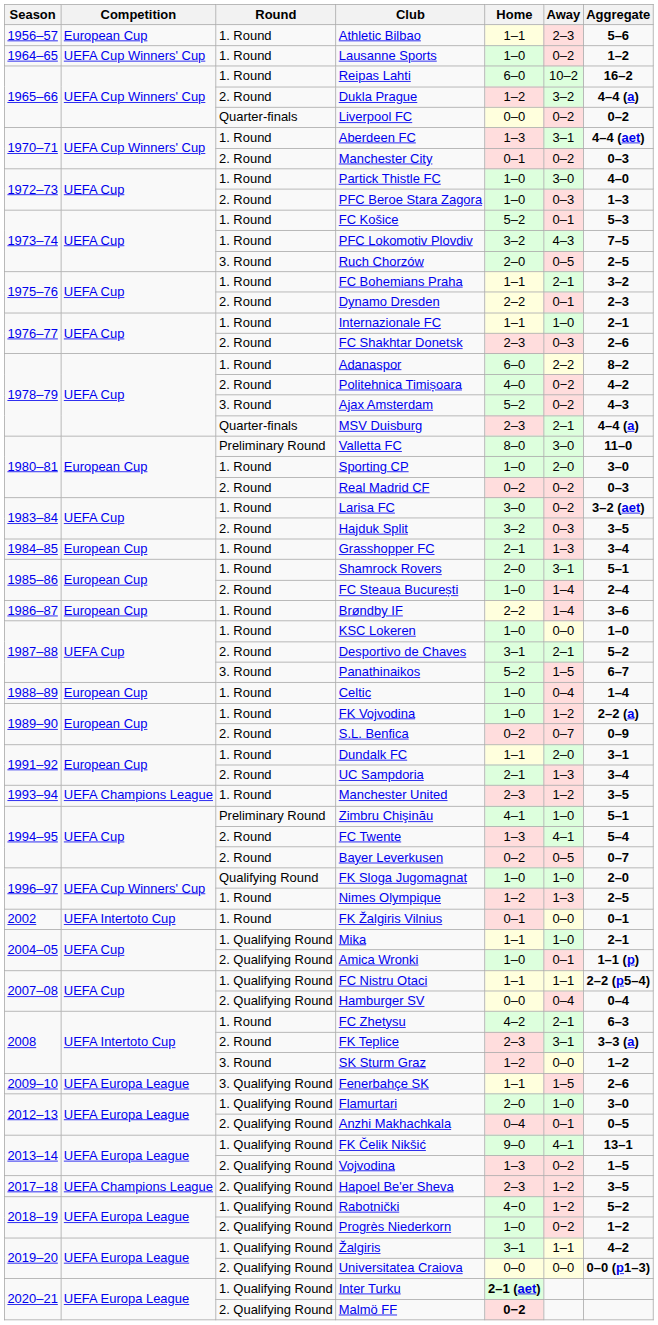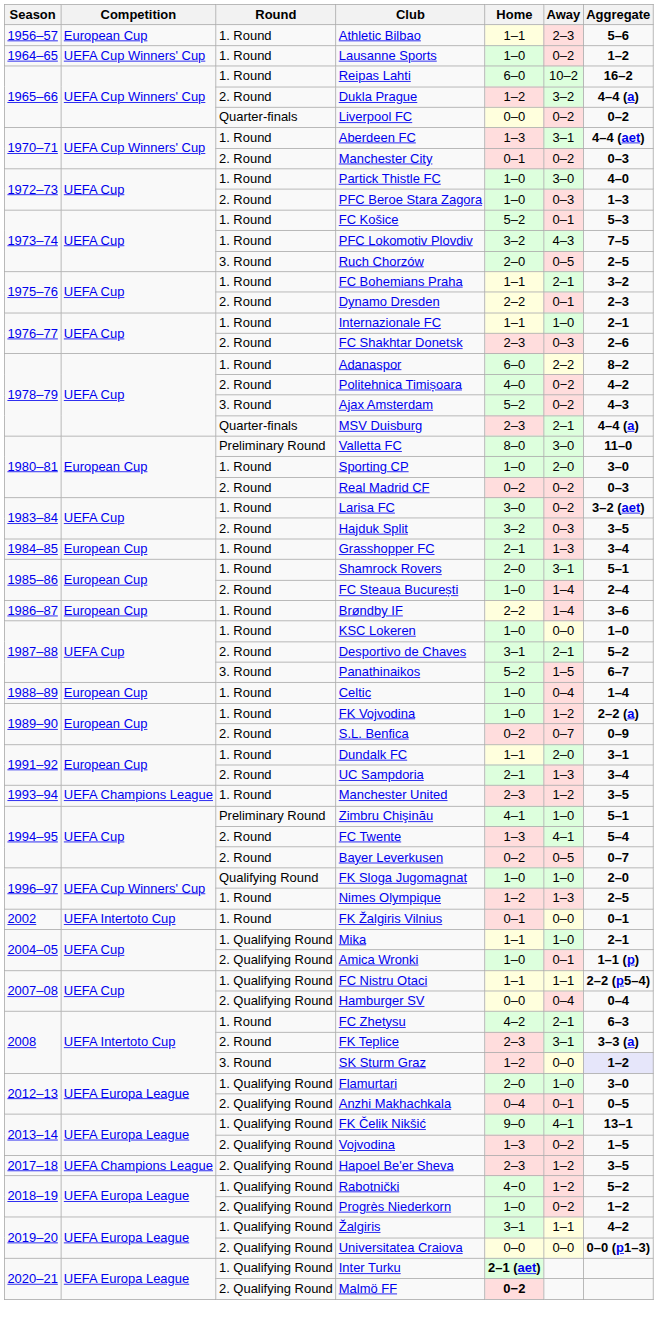 <table class="wikitable">
 <tr>
 <th>Season</th>
 <th>Competition</th>
 <th>Round</th>
 <th>Club</th>
 <th>Home</th>
 <th>Away</th>
 <th>Aggregate</th>
 </tr>
 <tr>
 <td><a href='#'>1956–57</a></td>
 <td><a href='#'>European Cup</a></td>
 <td>1. Round</td>
 <td> <a href='#'>Athletic Bilbao</a></td>
 <td style="text-align:center; background:#ffd;">1–1</td>
 <td style="text-align:center; background:#fdd;">2–3</td>
 <td style="text-align:center;"><strong>5–6</strong></td>
 </tr>
 <tr>
 <td><a href='#'>1964–65</a></td>
 <td><a href='#'>UEFA Cup Winners' Cup</a></td>
 <td>1. Round</td>
 <td> <a href='#'>Lausanne Sports</a></td>
 <td style="text-align:center; background:#dfd;">1–0</td>
 <td style="text-align:center; background:#fdd;">0–2</td>
 <td style="text-align:center;"><strong>1–2</strong></td>
 </tr>
 <tr>
 <td rowspan="3"><a href='#'>1965–66</a></td>
 <td rowspan="3"><a href='#'>UEFA Cup Winners' Cup</a></td>
 <td>1. Round</td>
 <td> <a href='#'>Reipas Lahti</a></td>
 <td style="text-align:center; background:#dfd;">6–0</td>
 <td style="text-align:center; background:#dfd;">10–2</td>
 <td style="text-align:center;"><strong>16–2</strong></td>
 </tr>
 <tr>
 <td>2. Round</td>
 <td> <a href='#'>Dukla Prague</a></td>
 <td style="text-align:center; background:#fdd;">1–2</td>
 <td style="text-align:center; background:#dfd;">3–2</td>
 <td style="text-align:center;"><strong>4–4 (<a href='#'>a</a>)</strong></td>
 </tr>
 <tr>
 <td>Quarter-finals</td>
 <td> <a href='#'>Liverpool FC</a></td>
 <td style="text-align:center; background:#ffd;">0–0</td>
 <td style="text-align:center; background:#fdd;">0–2</td>
 <td style="text-align:center;"><strong>0–2</strong></td>
 </tr>
 <tr>
 <td rowspan="2"><a href='#'>1970–71</a></td>
 <td rowspan="2"><a href='#'>UEFA Cup Winners' Cup</a></td>
 <td>1. Round</td>
 <td> <a href='#'>Aberdeen FC</a></td>
 <td style="text-align:center; background:#fdd;">1–3</td>
 <td style="text-align:center; background:#dfd;">3–1</td>
 <td style="text-align:center;"><strong>4–4 (<a href='#'>aet</a>)</strong></td>
 </tr>
 <tr>
 <td>2. Round</td>
 <td> <a href='#'>Manchester City</a></td>
 <td style="text-align:center; background:#fdd;">0–1</td>
 <td style="text-align:center; background:#fdd;">0–2</td>
 <td style="text-align:center;"><strong>0–3</strong></td>
 </tr>
 <tr>
 <td rowspan="2"><a href='#'>1972–73</a></td>
 <td rowspan="2"><a href='#'>UEFA Cup</a></td>
 <td>1. Round</td>
 <td> <a href='#'>Partick Thistle FC</a></td>
 <td style="text-align:center; background:#dfd;">1–0</td>
 <td style="text-align:center; background:#dfd;">3–0</td>
 <td style="text-align:center;"><strong>4–0</strong></td>
 </tr>
 <tr>
 <td>2. Round</td>
 <td> <a href='#'>PFC Beroe Stara Zagora</a></td>
 <td style="text-align:center; background:#dfd;">1–0</td>
 <td style="text-align:center; background:#fdd;">0–3</td>
 <td style="text-align:center;"><strong>1–3</strong></td>
 </tr>
 <tr>
 <td rowspan="3"><a href='#'>1973–74</a></td>
 <td rowspan="3"><a href='#'>UEFA Cup</a></td>
 <td>1. Round</td>
 <td> <a href='#'>FC Košice</a></td>
 <td style="text-align:center; background:#dfd;">5–2</td>
 <td style="text-align:center; background:#fdd;">0–1</td>
 <td style="text-align:center;"><strong>5–3</strong></td>
 </tr>
 <tr>
 <td>1. Round</td>
 <td> <a href='#'>PFC Lokomotiv Plovdiv</a></td>
 <td style="text-align:center; background:#dfd;">3–2</td>
 <td style="text-align:center; background:#dfd;">4–3</td>
 <td style="text-align:center;"><strong>7–5</strong></td>
 </tr>
 <tr>
 <td>3. Round</td>
 <td> <a href='#'>Ruch Chorzów</a></td>
 <td style="text-align:center; background:#dfd;">2–0</td>
 <td style="text-align:center; background:#fdd;">0–5</td>
 <td style="text-align:center;"><strong>2–5</strong></td>
 </tr>
 <tr>
 <td rowspan="2"><a href='#'>1975–76</a></td>
 <td rowspan="2"><a href='#'>UEFA Cup</a></td>
 <td>1. Round</td>
 <td> <a href='#'>FC Bohemians Praha</a></td>
 <td style="text-align:center; background:#ffd;">1–1</td>
 <td style="text-align:center; background:#dfd;">2–1</td>
 <td style="text-align:center;"><strong>3–2</strong></td>
 </tr>
 <tr>
 <td>2. Round</td>
 <td> <a href='#'>Dynamo Dresden</a></td>
 <td style="text-align:center; background:#ffd;">2–2</td>
 <td style="text-align:center; background:#fdd;">0–1</td>
 <td style="text-align:center;"><strong>2–3</strong></td>
 </tr>
 <tr>
 <td rowspan="2"><a href='#'>1976–77</a></td>
 <td rowspan="2"><a href='#'>UEFA Cup</a></td>
 <td>1. Round</td>
 <td> <a href='#'>Internazionale FC</a></td>
 <td style="text-align:center; background:#ffd;">1–1</td>
 <td style="text-align:center; background:#dfd;">1–0</td>
 <td style="text-align:center;"><strong>2–1</strong></td>
 </tr>
 <tr>
 <td>2. Round</td>
 <td> <a href='#'>FC Shakhtar Donetsk</a></td>
 <td style="text-align:center; background:#fdd;">2–3</td>
 <td style="text-align:center; background:#fdd;">0–3</td>
 <td style="text-align:center;"><strong>2–6</strong></td>
 </tr>
 <tr>
 <td rowspan="4"><a href='#'>1978–79</a></td>
 <td rowspan="4"><a href='#'>UEFA Cup</a></td>
 <td>1. Round</td>
 <td> <a href='#'>Adanaspor</a></td>
 <td style="text-align:center; background:#dfd;">6–0</td>
 <td style="text-align:center; background:#ffd;">2–2</td>
 <td style="text-align:center;"><strong>8–2</strong></td>
 </tr>
 <tr>
 <td>2. Round</td>
 <td> <a href='#'>Politehnica Timișoara</a></td>
 <td style="text-align:center; background:#dfd;">4–0</td>
 <td style="text-align:center; background:#fdd;">0−2</td>
 <td style="text-align:center;"><strong>4–2</strong></td>
 </tr>
 <tr>
 <td>3. Round</td>
 <td> <a href='#'>Ajax Amsterdam</a></td>
 <td style="text-align:center; background:#dfd;">5–2</td>
 <td style="text-align:center; background:#fdd;">0–2</td>
 <td style="text-align:center;"><strong>4–3</strong></td>
 </tr>
 <tr>
 <td>Quarter-finals</td>
 <td> <a href='#'>MSV Duisburg</a></td>
 <td style="text-align:center; background:#fdd;">2–3</td>
 <td style="text-align:center; background:#dfd;">2–1</td>
 <td style="text-align:center;"><strong>4–4 (<a href='#'>a</a>)</strong></td>
 </tr>
 <tr>
 <td rowspan="3"><a href='#'>1980–81</a></td>
 <td rowspan="3"><a href='#'>European Cup</a></td>
 <td>Preliminary Round</td>
 <td> <a href='#'>Valletta FC</a></td>
 <td style="text-align:center; background:#dfd;">8–0</td>
 <td style="text-align:center; background:#dfd;">3–0</td>
 <td style="text-align:center;"><strong>11–0</strong></td>
 </tr>
 <tr>
 <td>1. Round</td>
 <td> <a href='#'>Sporting CP</a></td>
 <td style="text-align:center; background:#dfd;">1–0</td>
 <td style="text-align:center; background:#dfd;">2–0</td>
 <td style="text-align:center;"><strong>3–0</strong></td>
 </tr>
 <tr>
 <td>2. Round</td>
 <td> <a href='#'>Real Madrid CF</a></td>
 <td style="text-align:center; background:#fdd;">0–2</td>
 <td style="text-align:center; background:#fdd;">0–2</td>
 <td style="text-align:center;"><strong>0–3</strong></td>
 </tr>
 <tr>
 <td rowspan="2"><a href='#'>1983–84</a></td>
 <td rowspan="2"><a href='#'>UEFA Cup</a></td>
 <td>1. Round</td>
 <td> <a href='#'>Larisa FC</a></td>
 <td style="text-align:center; background:#dfd;">3–0</td>
 <td style="text-align:center; background:#fdd;">0–2</td>
 <td style="text-align:center;"><strong>3–2 (<a href='#'>aet</a>)</strong></td>
 </tr>
 <tr>
 <td>2. Round</td>
 <td> <a href='#'>Hajduk Split</a></td>
 <td style="text-align:center; background:#dfd;">3–2</td>
 <td style="text-align:center; background:#fdd;">0–3</td>
 <td style="text-align:center;"><strong>3–5</strong></td>
 </tr>
 <tr>
 <td><a href='#'>1984–85</a></td>
 <td><a href='#'>European Cup</a></td>
 <td>1. Round</td>
 <td> <a href='#'>Grasshopper FC</a></td>
 <td style="text-align:center; background:#dfd;">2–1</td>
 <td style="text-align:center; background:#fdd;">1–3</td>
 <td style="text-align:center;"><strong>3–4</strong></td>
 </tr>
 <tr>
 <td rowspan="2"><a href='#'>1985–86</a></td>
 <td rowspan="2"><a href='#'>European Cup</a></td>
 <td>1. Round</td>
 <td> <a href='#'>Shamrock Rovers</a></td>
 <td style="text-align:center; background:#dfd;">2–0</td>
 <td style="text-align:center; background:#dfd;">3–1</td>
 <td style="text-align:center;"><strong>5–1</strong></td>
 </tr>
 <tr>
 <td>2. Round</td>
 <td> <a href='#'>FC Steaua București</a></td>
 <td style="text-align:center; background:#dfd;">1–0</td>
 <td style="text-align:center; background:#fdd;">1–4</td>
 <td style="text-align:center;"><strong>2–4</strong></td>
 </tr>
 <tr>
 <td><a href='#'>1986–87</a></td>
 <td><a href='#'>European Cup</a></td>
 <td>1. Round</td>
 <td> <a href='#'>Brøndby IF</a></td>
 <td style="text-align:center; background:#ffd;">2–2</td>
 <td style="text-align:center; background:#fdd;">1–4</td>
 <td style="text-align:center;"><strong> 3–6</strong></td>
 </tr>
 <tr>
 <td rowspan="3"><a href='#'>1987–88</a></td>
 <td rowspan="3"><a href='#'>UEFA Cup</a></td>
 <td>1. Round</td>
 <td> <a href='#'>KSC Lokeren</a></td>
 <td style="text-align:center; background:#dfd;">1–0</td>
 <td style="text-align:center; background:#ffd;">0–0</td>
 <td style="text-align:center;"><strong>1–0</strong></td>
 </tr>
 <tr>
 <td>2. Round</td>
 <td> <a href='#'>Desportivo de Chaves</a></td>
 <td style="text-align:center; background:#dfd;">3–1</td>
 <td style="text-align:center; background:#dfd;">2–1</td>
 <td style="text-align:center;"><strong>5–2</strong></td>
 </tr>
 <tr>
 <td>3. Round</td>
 <td> <a href='#'>Panathinaikos</a></td>
 <td style="text-align:center; background:#dfd;">5–2</td>
 <td style="text-align:center; background:#fdd;">1–5</td>
 <td style="text-align:center;"><strong>6–7</strong></td>
 </tr>
 <tr>
 <td><a href='#'>1988–89</a></td>
 <td><a href='#'>European Cup</a></td>
 <td>1. Round</td>
 <td> <a href='#'>Celtic</a></td>
 <td style="text-align:center; background:#dfd;">1–0</td>
 <td style="text-align:center; background:#fdd;">0–4</td>
 <td style="text-align:center;"><strong>1–4</strong></td>
 </tr>
 <tr>
 <td rowspan="2"><a href='#'>1989–90</a></td>
 <td rowspan="2"><a href='#'>European Cup</a></td>
 <td>1. Round</td>
 <td> <a href='#'>FK Vojvodina</a></td>
 <td style="text-align:center; background:#dfd;">1–0</td>
 <td style="text-align:center; background:#fdd;">1–2</td>
 <td style="text-align:center;"><strong>2–2 (<a href='#'>a</a>)</strong></td>
 </tr>
 <tr>
 <td>2. Round</td>
 <td> <a href='#'>S.L. Benfica</a></td>
 <td style="text-align:center; background:#fdd;">0–2</td>
 <td style="text-align:center; background:#fdd;">0–7</td>
 <td style="text-align:center;"><strong>0–9</strong></td>
 </tr>
 <tr>
 <td rowspan="2"><a href='#'>1991–92</a></td>
 <td rowspan="2"><a href='#'>European Cup</a></td>
 <td>1. Round</td>
 <td> <a href='#'>Dundalk FC</a></td>
 <td style="text-align:center; background:#ffd;">1–1</td>
 <td style="text-align:center; background:#dfd;">2–0</td>
 <td style="text-align:center;"><strong>3–1</strong></td>
 </tr>
 <tr>
 <td>2. Round</td>
 <td> <a href='#'>UC Sampdoria</a></td>
 <td style="text-align:center; background:#dfd;">2–1</td>
 <td style="text-align:center; background:#fdd;">1–3</td>
 <td style="text-align:center;"><strong>3–4</strong></td>
 </tr>
 <tr>
 <td><a href='#'>1993–94</a></td>
 <td><a href='#'>UEFA Champions League</a></td>
 <td>1. Round</td>
 <td> <a href='#'>Manchester United</a></td>
 <td style="text-align:center; background:#fdd;">2–3</td>
 <td style="text-align:center; background:#fdd;">1–2</td>
 <td style="text-align:center;"><strong>3–5</strong></td>
 </tr>
 <tr>
 <td rowspan="3"><a href='#'>1994–95</a></td>
 <td rowspan="3"><a href='#'>UEFA Cup</a></td>
 <td>Preliminary Round</td>
 <td> <a href='#'>Zimbru Chişinău</a></td>
 <td style="text-align:center; background:#dfd;">4–1</td>
 <td style="text-align:center; background:#dfd;">1–0</td>
 <td style="text-align:center;"><strong>5–1</strong></td>
 </tr>
 <tr>
 <td>2. Round</td>
 <td> <a href='#'>FC Twente</a></td>
 <td style="text-align:center; background:#fdd;">1–3</td>
 <td style="text-align:center; background:#dfd;">4–1</td>
 <td style="text-align:center;"><strong>5–4</strong></td>
 </tr>
 <tr>
 <td>2. Round</td>
 <td> <a href='#'>Bayer Leverkusen</a></td>
 <td style="text-align:center; background:#fdd;">0–2</td>
 <td style="text-align:center; background:#fdd;">0–5</td>
 <td style="text-align:center;"><strong>0–7</strong></td>
 </tr>
 <tr>
 <td rowspan="2"><a href='#'>1996–97</a></td>
 <td rowspan="2"><a href='#'>UEFA Cup Winners' Cup</a></td>
 <td>Qualifying Round</td>
 <td> <a href='#'>FK Sloga Jugomagnat</a></td>
 <td style="text-align:center; background:#dfd;">1–0</td>
 <td style="text-align:center; background:#dfd;">1–0</td>
 <td style="text-align:center;"><strong>2–0</strong></td>
 </tr>
 <tr>
 <td>1. Round</td>
 <td> <a href='#'>Nimes Olympique</a></td>
 <td style="text-align:center; background:#fdd;">1–2</td>
 <td style="text-align:center; background:#fdd;">1–3</td>
 <td style="text-align:center;"><strong>2–5</strong></td>
 </tr>
 <tr>
 <td><a href='#'>2002</a></td>
 <td><a href='#'>UEFA Intertoto Cup</a></td>
 <td>1. Round</td>
 <td> <a href='#'>FK Žalgiris Vilnius</a></td>
 <td style="text-align:center; background:#fdd;">0–1</td>
 <td style="text-align:center; background:#ffd;">0–0</td>
 <td style="text-align:center;"><strong>0–1</strong></td>
 </tr>
 <tr>
 <td rowspan="2"><a href='#'>2004–05</a></td>
 <td rowspan="2"><a href='#'>UEFA Cup</a></td>
 <td>1. Qualifying Round</td>
 <td> <a href='#'>Mika</a></td>
 <td style="text-align:center; background:#ffd;">1–1</td>
 <td style="text-align:center; background:#dfd;">1–0</td>
 <td style="text-align:center;"><strong>2–1</strong></td>
 </tr>
 <tr>
 <td>2. Qualifying Round</td>
 <td> <a href='#'>Amica Wronki</a></td>
 <td style="text-align:center; background:#dfd;">1–0</td>
 <td style="text-align:center; background:#fdd;">0–1</td>
 <td style="text-align:center;"><strong>1–1 (<a href='#'>p</a>)</strong></td>
 </tr>
 <tr>
 <td rowspan="2"><a href='#'>2007–08</a></td>
 <td rowspan="2"><a href='#'>UEFA Cup</a></td>
 <td>1. Qualifying Round</td>
 <td> <a href='#'>FC Nistru Otaci</a></td>
 <td style="text-align:center; background:#ffd;">1–1</td>
 <td style="text-align:center; background:#ffd;">1–1</td>
 <td style="text-align:center;"><strong>2–2 (<a href='#'>p</a>5–4)</strong></td>
 </tr>
 <tr>
 <td>2. Qualifying Round</td>
 <td> <a href='#'>Hamburger SV</a></td>
 <td style="text-align:center; background:#ffd;">0–0</td>
 <td style="text-align:center; background:#fdd;">0–4</td>
 <td style="text-align:center;"><strong>0–4</strong></td>
 </tr>
 <tr>
 <td rowspan="3"><a href='#'>2008</a></td>
 <td rowspan="3"><a href='#'>UEFA Intertoto Cup</a></td>
 <td>1. Round</td>
 <td> <a href='#'>FC Zhetysu</a></td>
 <td style="text-align:center; background:#dfd;">4–2</td>
 <td style="text-align:center; background:#dfd;">2–1</td>
 <td style="text-align:center;"><strong>6–3</strong></td>
 </tr>
 <tr>
 <td>2. Round</td>
 <td> <a href='#'>FK Teplice</a></td>
 <td style="text-align:center; background:#fdd;">2–3</td>
 <td style="text-align:center; background:#dfd;">3–1</td>
 <td style="text-align:center;"><strong>3–3 (<a href='#'>a</a>)</strong></td>
 </tr>
 <tr>
 <td>3. Round</td>
 <td> <a href='#'>SK Sturm Graz</a></td>
 <td style="text-align:center; background:#fdd;">1–2</td>
 <td style="text-align:center; background:#ffd;">0–0</td>
-<td style="text-align:center;"><strong>1–2</strong></td>
-</tr>
-<tr>
-<td><a href='#'>2009–10</a></td>
-<td><a href='#'>UEFA Europa League</a></td>
-<td>3. Qualifying Round</td>
-<td> <a href='#'>Fenerbahçe SK</a></td>
-<td style="text-align:center; background:#ffd;">1–1</td>
-<td style="text-align:center; background:#fdd;">1–5</td>
-<td style="text-align:center;"><strong>2–6</strong></td>
+<td style="background: lavender; text-align:center;"><strong>1–2</strong></td>
 </tr>
 <tr>
 <td rowspan="2"><a href='#'>2012–13</a></td>
 <td rowspan="2"><a href='#'>UEFA Europa League</a></td>
 <td>1. Qualifying Round</td>
 <td> <a href='#'>Flamurtari</a></td>
 <td style="text-align:center; background:#dfd;">2–0</td>
 <td style="text-align:center; background:#dfd;">1–0</td>
 <td style="text-align:center;"><strong>3–0</strong></td>
 </tr>
 <tr>
 <td>2. Qualifying Round</td>
 <td> <a href='#'>Anzhi Makhachkala</a></td>
 <td style="text-align:center; background:#fdd;">0–4</td>
 <td style="text-align:center; background:#fdd;">0–1</td>
 <td style="text-align:center;"><strong>0–5</strong></td>
 </tr>
 <tr>
 <td rowspan="2"><a href='#'>2013–14</a></td>
 <td rowspan="2"><a href='#'>UEFA Europa League</a></td>
 <td>1. Qualifying Round</td>
 <td> <a href='#'>FK Čelik Nikšić</a></td>
 <td style="text-align:center; background:#dfd;">9–0</td>
 <td style="text-align:center; background:#dfd;">4–1</td>
 <td style="text-align:center;"><strong>13–1</strong></td>
 </tr>
 <tr>
 <td>2. Qualifying Round</td>
 <td> <a href='#'>Vojvodina</a></td>
 <td style="text-align:center; background:#fdd;">1–3</td>
 <td style="text-align:center; background:#fdd;">0–2</td>
 <td style="text-align:center;"><strong>1–5</strong></td>
 </tr>
 <tr>
 <td><a href='#'>2017–18</a></td>
 <td><a href='#'>UEFA Champions League</a></td>
 <td>2. Qualifying Round</td>
 <td> <a href='#'>Hapoel Be'er Sheva</a></td>
 <td style="text-align:center; background:#fdd;">2–3</td>
 <td style="text-align:center; background:#fdd;">1–2</td>
 <td style="text-align:center;"><strong>3–5</strong></td>
 </tr>
 <tr>
 <td rowspan="2"><a href='#'>2018–19</a></td>
 <td rowspan="2"><a href='#'>UEFA Europa League</a></td>
 <td>1. Qualifying Round</td>
 <td> <a href='#'>Rabotnički</a></td>
 <td style="text-align:center; background:#dfd;">4−0</td>
 <td style="text-align:center; background:#fdd;">1−2</td>
 <td style="text-align:center;"><strong>5−2</strong></td>
 </tr>
 <tr>
 <td>2. Qualifying Round</td>
 <td> <a href='#'>Progrès Niederkorn</a></td>
 <td style="text-align:center; background:#dfd;">1–0</td>
 <td style="text-align:center; background:#fdd;">0−2</td>
 <td style="text-align:center;"><strong>1−2</strong></td>
 </tr>
 <tr>
 <td rowspan="2"><a href='#'>2019–20</a></td>
 <td rowspan="2"><a href='#'>UEFA Europa League</a></td>
 <td>1. Qualifying Round</td>
 <td> <a href='#'>Žalgiris</a></td>
 <td style="text-align:center; background:#dfd;">3–1</td>
 <td style="text-align:center; background:#ffd;">1–1</td>
 <td style="text-align:center;"><strong>4–2</strong></td>
 </tr>
 <tr>
 <td>2. Qualifying Round</td>
 <td> <a href='#'>Universitatea Craiova</a></td>
 <td style="text-align:center; background:#ffd;">0–0</td>
 <td style="text-align:center; background:#ffd;">0–0</td>
 <td style="text-align:center;"><strong>0–0 (<a href='#'>p</a>1–3)</strong></td>
 </tr>
 <tr>
 <td rowspan="2"><a href='#'>2020–21</a></td>
 <td rowspan="2"><a href='#'>UEFA Europa League</a></td>
 <td>1. Qualifying Round</td>
 <td> <a href='#'>Inter Turku</a></td>
 <td style="text-align:center; background:#dfd;"><strong>2–1 (<a href='#'>aet</a>)</strong></td>
 <td></td>
 <td></td>
 </tr>
 <tr>
 <td>2. Qualifying Round</td>
 <td> <a href='#'>Malmö FF</a></td>
 <td style="text-align:center; background:#fdd;"><strong>0−2</strong></td>
 <td></td>
 <td></td>
 </tr>
 </table>
